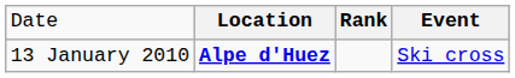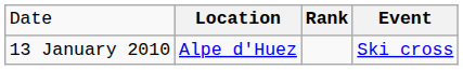 <table class="wikitable sortable" style="font-size:90%" style="text-align:center">
 <tr>
 <td>Date</td>
 <th>Location</th>
 <th>Rank</th>
 <th>Event</th>
 </tr>
 <tr>
 <td>13 January 2010</td>
-<td><strong><a href='#'>Alpe d'Huez</a></strong></td>
+<td><a href='#'>Alpe d'Huez</a></td>
 <td></td>
 <td><a href='#'>Ski cross</a></td>
 </tr>
 </table>
